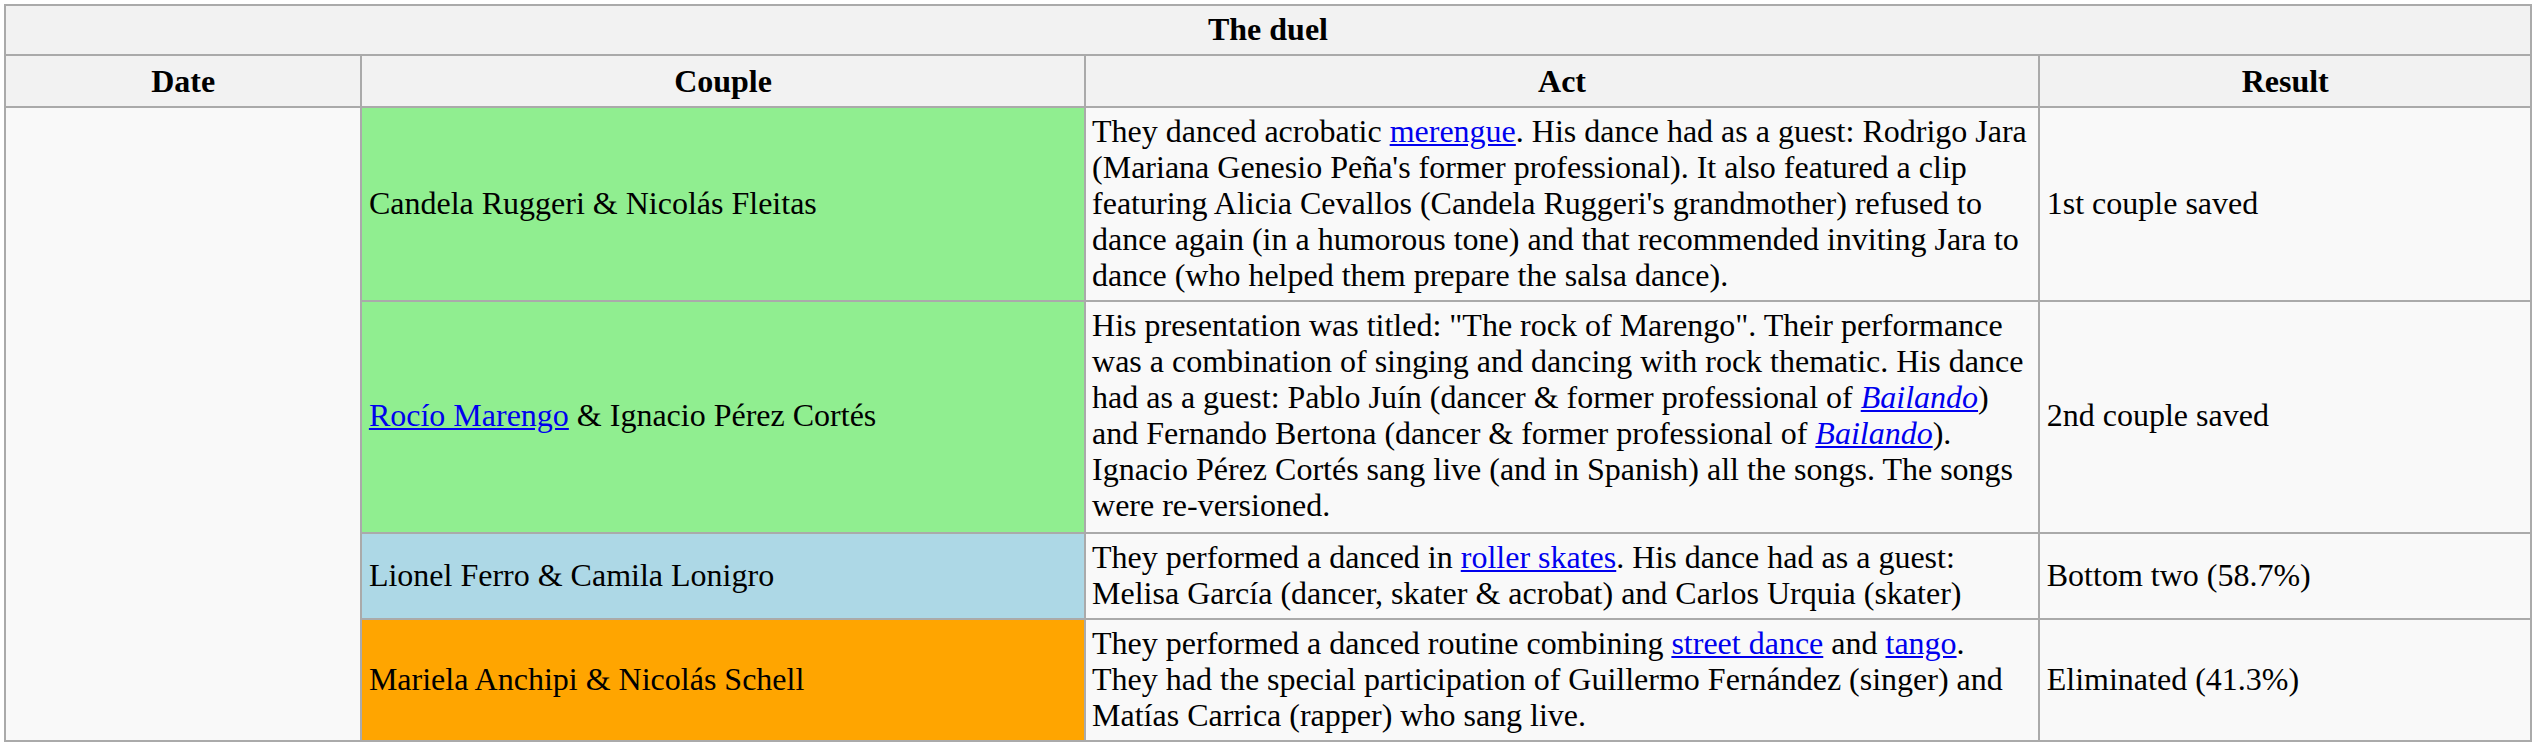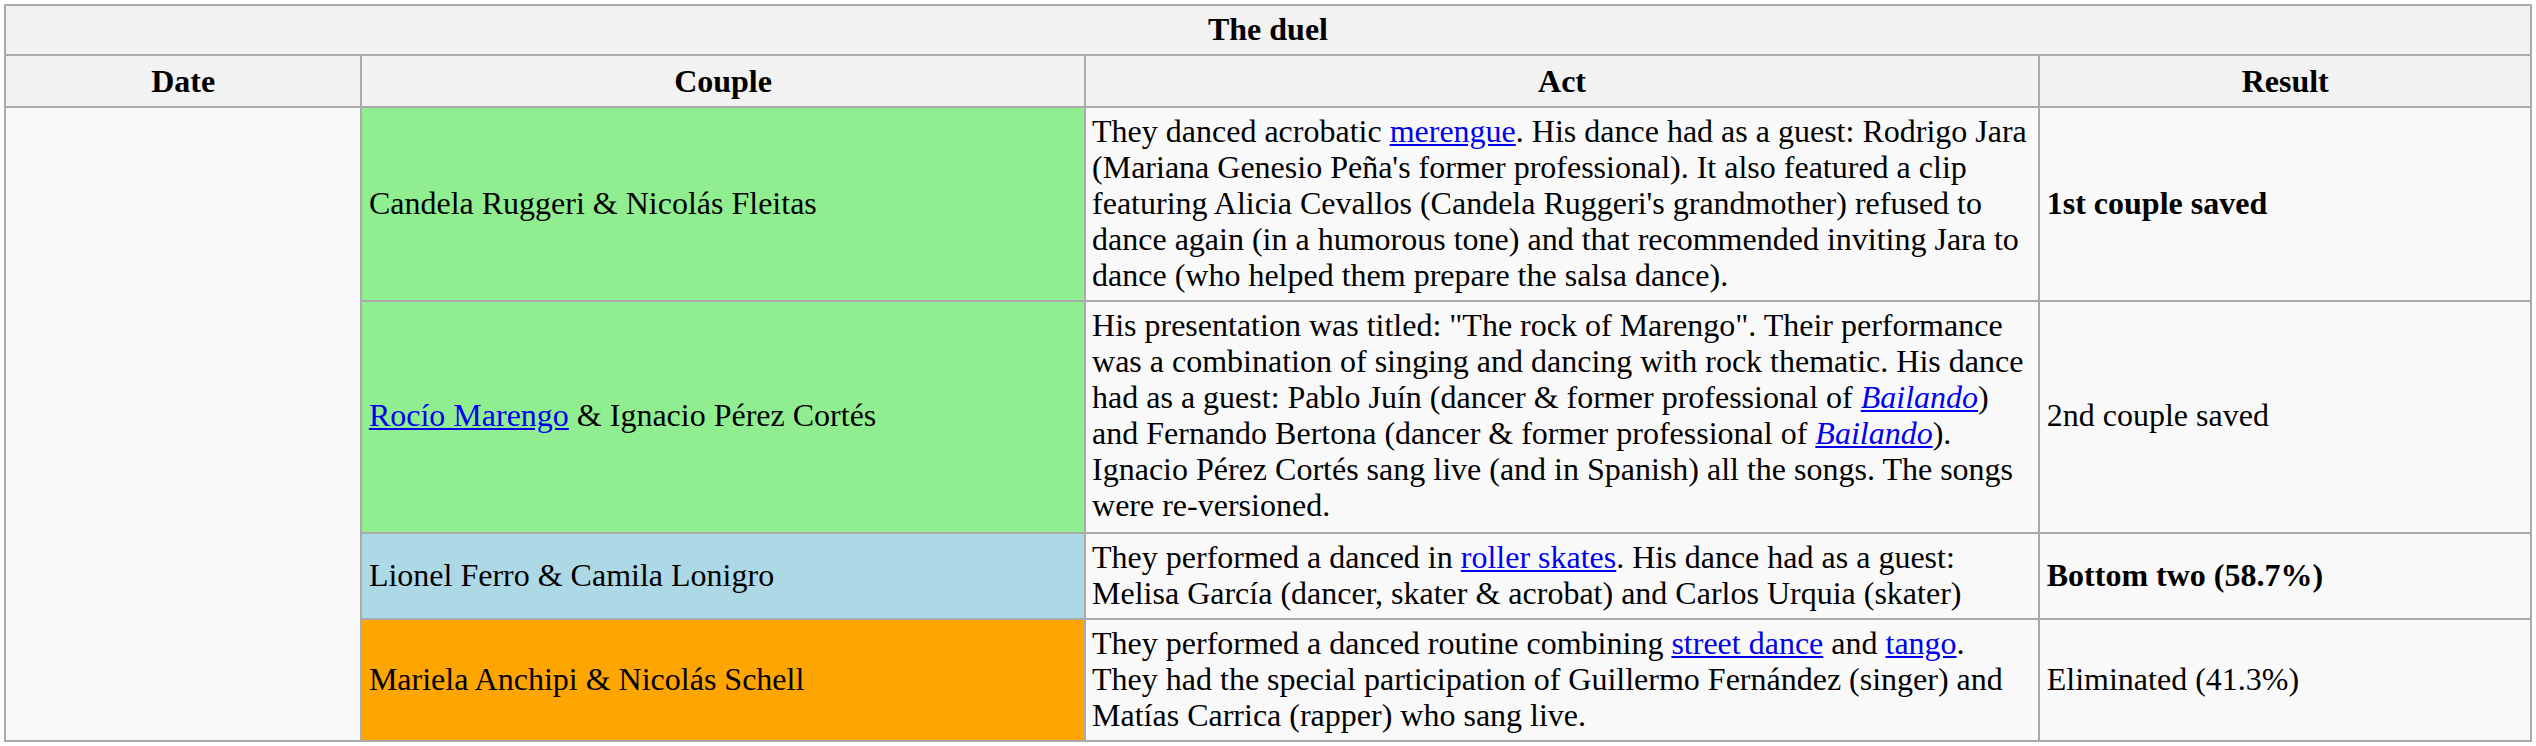 <table class="wikitable collapsible collapsed" style="text-align: align; width: 100%;">
 <tr>
 <th colspan="11" style="with: 100%;" align="center">The duel</th>
 </tr>
 <tr>
 <th width=85>Date</th>
 <th width=180>Couple</th>
 <th width=240>Act</th>
 <th width=120>Result</th>
 </tr>
 <tr>
 <td rowspan="4"></td>
 <td bgcolor="lightgreen">Candela Ruggeri & Nicolás Fleitas</td>
 <td>They danced acrobatic <a href='#'>merengue</a>. His dance had as a guest: Rodrigo Jara (Mariana Genesio Peña's former professional). It also featured a clip featuring Alicia Cevallos (Candela Ruggeri's grandmother) refused to dance again (in a humorous tone) and that recommended inviting Jara to dance (who helped them prepare the salsa dance).<br></td>
-<td>1st couple saved</td>
+<td><strong>1st couple saved</strong></td>
 </tr>
 <tr>
 <td bgcolor="lightgreen"><a href='#'>Rocío Marengo</a> & Ignacio Pérez Cortés</td>
 <td>His presentation was titled: "The rock of Marengo". Their performance was a combination of singing and dancing with rock thematic. His dance had as a guest: Pablo Juín (dancer & former professional of <em><a href='#'>Bailando</a></em>) and Fernando Bertona (dancer & former professional of <em><a href='#'>Bailando</a></em>). Ignacio Pérez Cortés sang live (and in Spanish) all the songs. The songs were re-versioned.<br></td>
 <td>2nd couple saved</td>
 </tr>
 <tr>
 <td bgcolor="lightblue">Lionel Ferro & Camila Lonigro</td>
 <td>They performed a danced in <a href='#'>roller skates</a>. His dance had as a guest: Melisa García (dancer, skater & acrobat) and Carlos Urquia (skater)<br></td>
-<td>Bottom two (58.7%)</td>
+<td><strong>Bottom two (58.7%)</strong></td>
 </tr>
 <tr>
 <td bgcolor="orange">Mariela Anchipi & Nicolás Schell</td>
 <td>They performed a danced routine combining <a href='#'>street dance</a> and <a href='#'>tango</a>. They had the special participation of Guillermo Fernández (singer) and Matías Carrica (rapper) who sang live.<br></td>
 <td>Eliminated (41.3%)</td>
 </tr>
 </table>
